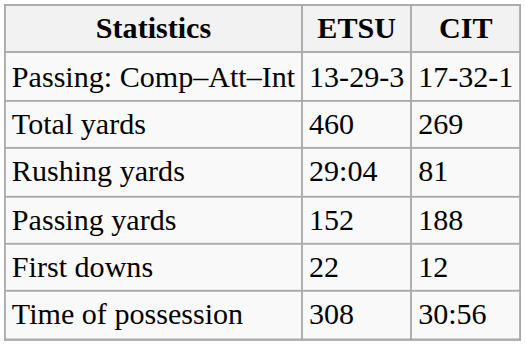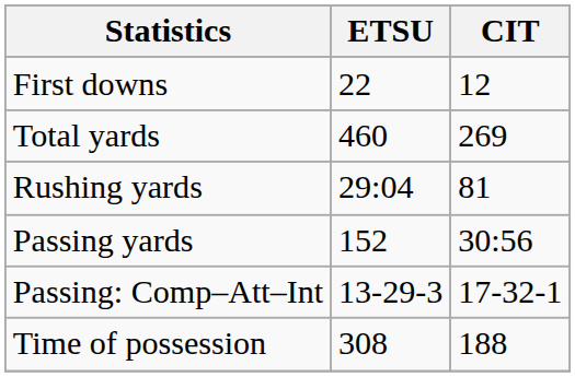 <table class="wikitable" style="float: left;">
 <tr>
 <th>Statistics</th>
 <th>ETSU</th>
 <th>CIT</th>
 </tr>
 <tr>
-<td>Passing: Comp–Att–Int</td>
-<td>13-29-3</td>
-<td>17-32-1</td>
+<td>First downs</td>
+<td>22</td>
+<td>12</td>
 </tr>
 <tr>
 <td>Total yards</td>
 <td>460</td>
 <td>269</td>
 </tr>
 <tr>
 <td>Rushing yards</td>
 <td>29:04</td>
 <td>81</td>
 </tr>
 <tr>
 <td>Passing yards</td>
 <td>152</td>
-<td>188</td>
+<td>30:56</td>
 </tr>
 <tr>
-<td>First downs</td>
-<td>22</td>
-<td>12</td>
+<td>Passing: Comp–Att–Int</td>
+<td>13-29-3</td>
+<td>17-32-1</td>
 </tr>
 <tr>
 <td>Time of possession</td>
 <td>308</td>
-<td>30:56</td>
+<td>188</td>
 </tr>
 <tr>
 </tr>
 </table>
